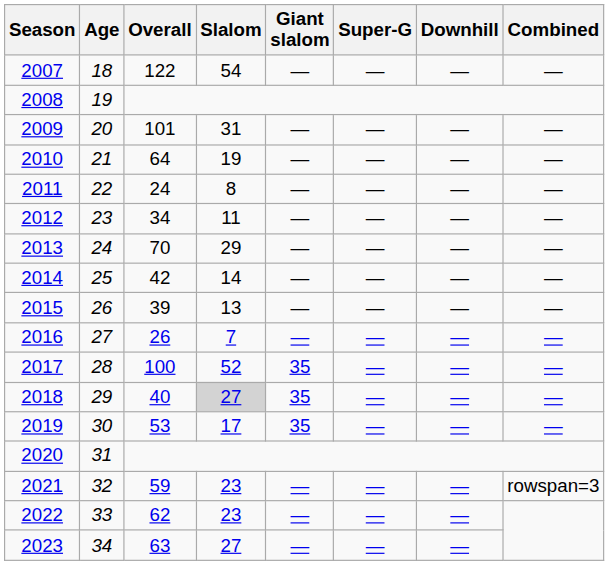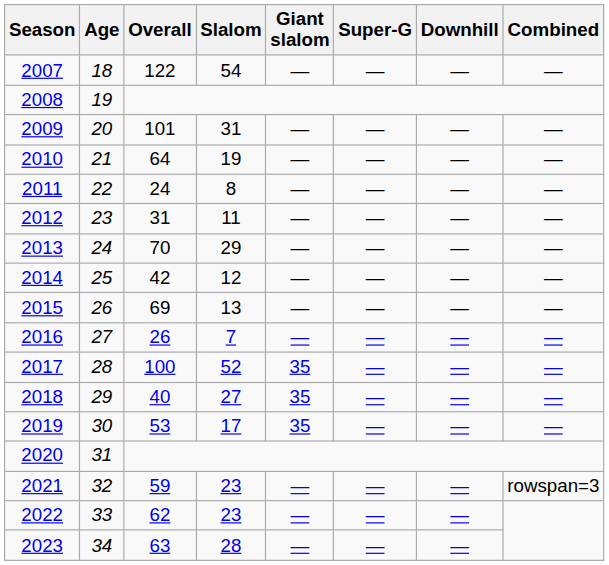 <table class="wikitable" style="text-align:center; font-size:100%;">
 <tr>
 <th>Season</th>
 <th>Age</th>
 <th>Overall</th>
 <th>Slalom</th>
 <th>Giant<br>slalom</th>
 <th>Super-G</th>
 <th>Downhill</th>
 <th>Combined</th>
 </tr>
 <tr>
 <td><a href='#'>2007</a></td>
 <td><em>18</em></td>
 <td>122</td>
 <td>54</td>
 <td>—</td>
 <td>—</td>
 <td>—</td>
 <td>—</td>
 </tr>
 <tr>
 <td><a href='#'>2008</a></td>
 <td><em>19</em></td>
 <td colspan=6></td>
 </tr>
 <tr>
 <td><a href='#'>2009</a></td>
 <td><em>20</em></td>
 <td>101</td>
 <td>31</td>
 <td>—</td>
 <td>—</td>
 <td>—</td>
 <td>—</td>
 </tr>
 <tr>
 <td><a href='#'>2010</a></td>
 <td><em>21</em></td>
 <td>64</td>
 <td>19</td>
 <td>—</td>
 <td>—</td>
 <td>—</td>
 <td>—</td>
 </tr>
 <tr>
 <td><a href='#'>2011</a></td>
 <td><em>22</em></td>
 <td>24</td>
 <td>8</td>
 <td>—</td>
 <td>—</td>
 <td>—</td>
 <td>—</td>
 </tr>
 <tr>
 <td><a href='#'>2012</a></td>
 <td><em>23</em></td>
-<td>34</td>
+<td>31</td>
 <td>11</td>
 <td>—</td>
 <td>—</td>
 <td>—</td>
 <td>—</td>
 </tr>
 <tr>
 <td><a href='#'>2013</a></td>
 <td><em>24</em></td>
 <td>70</td>
 <td>29</td>
 <td>—</td>
 <td>—</td>
 <td>—</td>
 <td>—</td>
 </tr>
 <tr>
 <td><a href='#'>2014</a></td>
 <td><em>25</em></td>
 <td>42</td>
-<td>14</td>
+<td>12</td>
 <td>—</td>
 <td>—</td>
 <td>—</td>
 <td>—</td>
 </tr>
 <tr>
 <td><a href='#'>2015</a></td>
 <td><em>26</em></td>
-<td>39</td>
+<td>69</td>
 <td>13</td>
 <td>—</td>
 <td>—</td>
 <td>—</td>
 <td>—</td>
 </tr>
 <tr>
 <td><a href='#'>2016</a></td>
 <td><em>27</em></td>
 <td><a href='#'>26</a></td>
 <td><a href='#'>7</a></td>
 <td><a href='#'>—</a></td>
 <td><a href='#'>—</a></td>
 <td><a href='#'>—</a></td>
 <td><a href='#'>—</a></td>
 </tr>
 <tr>
 <td><a href='#'>2017</a></td>
 <td><em>28</em></td>
 <td><a href='#'>100</a></td>
 <td><a href='#'>52</a></td>
 <td><a href='#'>35</a></td>
 <td><a href='#'>—</a></td>
 <td><a href='#'>—</a></td>
 <td><a href='#'>—</a></td>
 </tr>
 <tr>
 <td><a href='#'>2018</a></td>
 <td><em>29</em></td>
 <td><a href='#'>40</a></td>
-<td style="background: lightgrey;"><a href='#'>27</a></td>
+<td><a href='#'>27</a></td>
 <td><a href='#'>35</a></td>
 <td><a href='#'>—</a></td>
 <td><a href='#'>—</a></td>
 <td><a href='#'>—</a></td>
 </tr>
 <tr>
 <td><a href='#'>2019</a></td>
 <td><em>30</em></td>
 <td><a href='#'>53</a></td>
 <td><a href='#'>17</a></td>
 <td><a href='#'>35</a></td>
 <td><a href='#'>—</a></td>
 <td><a href='#'>—</a></td>
 <td><a href='#'>—</a></td>
 </tr>
 <tr>
 <td><a href='#'>2020</a></td>
 <td><em>31</em></td>
 <td colspan=6></td>
 </tr>
 <tr>
 <td><a href='#'>2021</a></td>
 <td><em>32</em></td>
 <td><a href='#'>59</a></td>
 <td><a href='#'>23</a></td>
 <td><a href='#'>—</a></td>
 <td><a href='#'>—</a></td>
 <td><a href='#'>—</a></td>
 <td>rowspan=3 </td>
 </tr>
 <tr>
 <td><a href='#'>2022</a></td>
 <td><em>33</em></td>
 <td><a href='#'>62</a></td>
 <td><a href='#'>23</a></td>
 <td><a href='#'>—</a></td>
 <td><a href='#'>—</a></td>
 <td><a href='#'>—</a></td>
 </tr>
 <tr>
 <td><a href='#'>2023</a></td>
 <td><em>34</em></td>
 <td><a href='#'>63</a></td>
-<td><a href='#'>27</a></td>
+<td><a href='#'>28</a></td>
 <td><a href='#'>—</a></td>
 <td><a href='#'>—</a></td>
 <td><a href='#'>—</a></td>
 </tr>
 </table>
